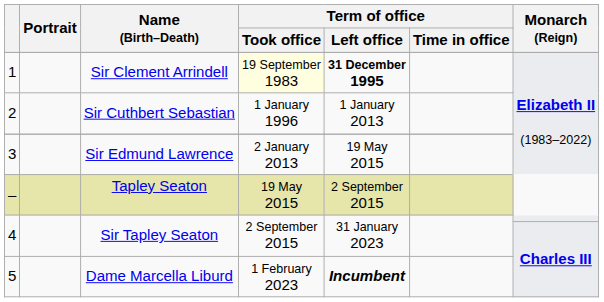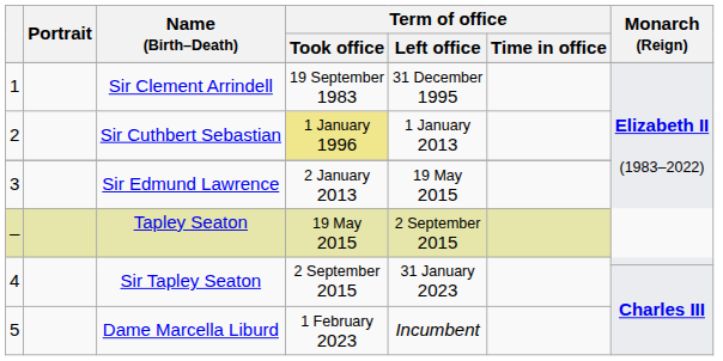 <table class="wikitable" style="text-align:center;">
 <tr>
 <th rowspan="2"></th>
 <th rowspan="2">Portrait</th>
 <th rowspan="2">Name<br><small>(Birth–Death)</small></th>
 <th colspan="3">Term of office</th>
 <th rowspan="2">Monarch<br><small>(Reign)</small></th>
 </tr>
 <tr>
 <th>Took office</th>
 <th>Left office</th>
 <th>Time in office</th>
 </tr>
 <tr>
 </tr>
 <tr>
 <td>1</td>
 <td></td>
 <td><a href='#'>Sir Clement Arrindell</a><br></td>
-<td style="background: lightyellow;"><small>19 September</small><br>1983</td>
-<td><strong><small>31 December</small><br>1995</strong></td>
+<td><small>19 September</small><br>1983</td>
+<td><small>31 December</small><br>1995</td>
 <td></td>
 <td rowspan="4" style="background:#eaecf0; border-style: solid solid none solid ;"><br><strong><a href='#'>Elizabeth II</a></strong><br><br><small>(1983–2022)</small></td>
 </tr>
 <tr>
 <td>2</td>
 <td></td>
 <td><a href='#'>Sir Cuthbert Sebastian</a><br></td>
-<td><small>1 January</small><br>1996</td>
+<td style="background: khaki;"><small>1 January</small><br>1996</td>
 <td><small>1 January</small><br>2013</td>
 <td></td>
 </tr>
 <tr>
 </tr>
 <tr>
 <td>3</td>
 <td></td>
 <td><a href='#'>Sir Edmund Lawrence</a><br></td>
 <td><small>2 January</small><br>2013</td>
 <td><small>19 May</small><br>2015</td>
 <td></td>
 </tr>
 <tr style="background:#e6e6aa;">
 <td>–</td>
 <td></td>
 <td><a href='#'>Tapley Seaton</a><br><br></td>
 <td><small>19 May</small><br>2015</td>
 <td><small>2 September</small><br>2015</td>
 <td></td>
 </tr>
 <tr>
 <td rowspan=2>4</td>
 <td rowspan=2></td>
 <td rowspan=2><a href='#'>Sir Tapley Seaton</a><br></td>
 <td rowspan=2><small>2 September</small><br>2015</td>
 <td rowspan=2><small>31 January</small><br>2023</td>
 <td rowspan=2></td>
 <td style="background:#eaecf0 ; border-style: none solid solid solid ;"></td>
 </tr>
 <tr>
 <td rowspan="2" style="background:#eaecf0"><br><strong><a href='#'>Charles III</a></strong><br><br></td>
 </tr>
 <tr>
 <td>5</td>
 <td></td>
 <td><a href='#'>Dame Marcella Liburd</a><br></td>
 <td><small>1 February</small><br>2023</td>
-<td><strong><em>Incumbent</em></strong></td>
+<td><em>Incumbent</em></td>
 <td></td>
 </tr>
 </table>
